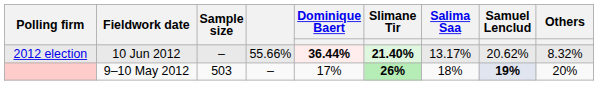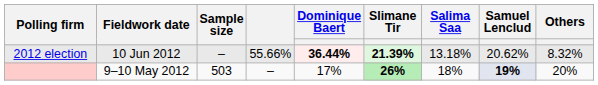 <table class="wikitable sortable" style="text-align:center;font-size:90%;line-height:14px;">
 <tr style="height:40px;">
 <th style="width:100px;" rowspan="2">Polling firm</th>
 <th style="width:110px;" rowspan="2">Fieldwork date</th>
 <th style="width:35px;" rowspan="2">Sample<br>size</th>
 <th style="width:30px;" rowspan="2"></th>
 <th class="unsortable" style="width:60px;"><a href='#'>Dominique Baert</a><br></th>
 <th class="unsortable" style="width:60px;">Slimane Tir<br></th>
 <th class="unsortable" style="width:60px;"><a href='#'>Salima Saa</a><br></th>
 <th class="unsortable" style="width:60px;">Samuel Lenclud<br></th>
 <th class="unsortable" style="width:60px;">Others</th>
 </tr>
 <tr>
 <th style="background:"></th>
 <th style="background:"></th>
 <th style="background:"></th>
 <th style="background:"></th>
 <th style="background:"></th>
 </tr>
 <tr style="background:#E9E9E9;">
 <td><a href='#'>2012 election</a></td>
 <td data-sort-value="2012-06-10">10 Jun 2012</td>
 <td>–</td>
 <td>55.66%</td>
 <td style="background:#FFEDED;"><strong>36.44%</strong></td>
-<td style="background:#DEF7DE;"><strong>21.40%</strong></td>
-<td>13.17%</td>
+<td style="background:#DEF7DE;"><strong>21.39%</strong></td>
+<td>13.18%</td>
 <td>20.62%</td>
 <td>8.32%</td>
 </tr>
 <tr>
 <td style="background:#FFCCCC;"> </td>
 <td data-sort-value="2012-05-10">9–10 May 2012</td>
 <td>503</td>
 <td>–</td>
 <td>17%</td>
 <td style="background:#B6EDB6;"><strong>26%</strong></td>
 <td>18%</td>
 <td style="background:#E0E5F0;"><strong>19%</strong></td>
 <td>20%</td>
 </tr>
 </table>
